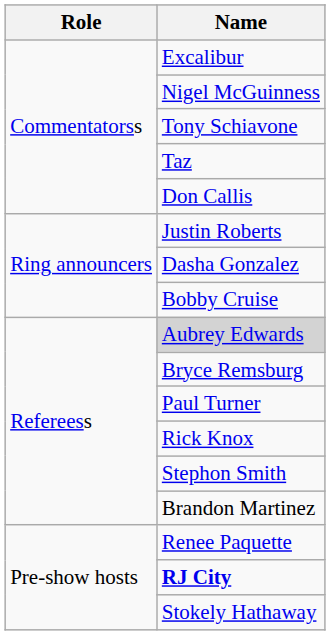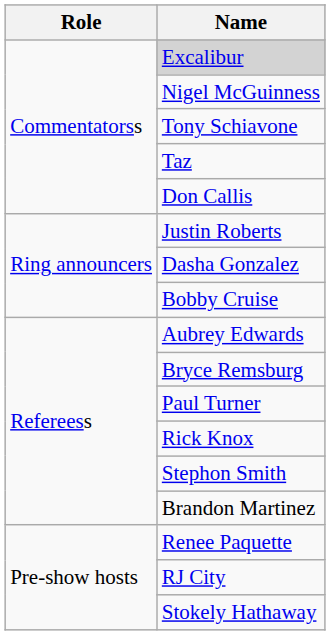 <table class=wikitable style="font-size:90%; margin: 0.5em 0 0.5em 1em; float: right; clear: right;">
 <tr>
 <th>Role</th>
 <th>Name</th>
 </tr>
 <tr>
 <td rowspan="5"><a href='#'>Commentators</a>s</td>
-<td><a href='#'>Excalibur</a> </td>
+<td style="background: lightgrey;"><a href='#'>Excalibur</a> </td>
 </tr>
 <tr>
 <td><a href='#'>Nigel McGuinness</a> </td>
 </tr>
 <tr>
 <td><a href='#'>Tony Schiavone</a> </td>
 </tr>
 <tr>
 <td><a href='#'>Taz</a> </td>
 </tr>
 <tr>
 <td><a href='#'>Don Callis</a> </td>
 </tr>
 <tr>
 <td rowspan=3><a href='#'>Ring announcers</a></td>
 <td><a href='#'>Justin Roberts</a></td>
 </tr>
 <tr>
 <td><a href='#'>Dasha Gonzalez</a></td>
 </tr>
 <tr>
 <td><a href='#'>Bobby Cruise</a></td>
 </tr>
 <tr>
 <td rowspan=6><a href='#'>Referees</a>s</td>
-<td style="background: lightgrey;"><a href='#'>Aubrey Edwards</a></td>
+<td><a href='#'>Aubrey Edwards</a></td>
 </tr>
 <tr>
 <td><a href='#'>Bryce Remsburg</a></td>
 </tr>
 <tr>
 <td><a href='#'>Paul Turner</a></td>
 </tr>
 <tr>
 <td><a href='#'>Rick Knox</a></td>
 </tr>
 <tr>
 <td><a href='#'>Stephon Smith</a></td>
 </tr>
 <tr>
 <td>Brandon Martinez</td>
 </tr>
 <tr>
 <td rowspan=3>Pre-show hosts</td>
 <td><a href='#'>Renee Paquette</a></td>
 </tr>
 <tr>
-<td><strong><a href='#'>RJ City</a></strong></td>
+<td><a href='#'>RJ City</a></td>
 </tr>
 <tr>
 <td><a href='#'>Stokely Hathaway</a></td>
 </tr>
 </table>
